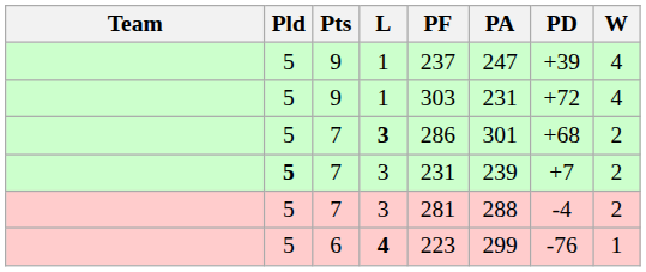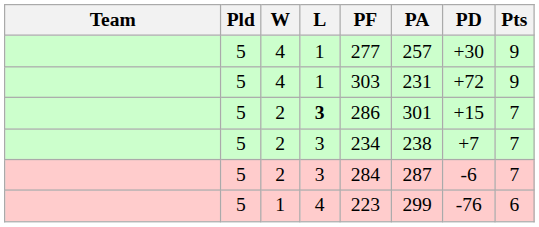 <table class="wikitable" style="text-align:center;">
 <tr>
 <th width=170>Team</th>
 <th width=25>Pld</th>
-<th width=25>Pts</th>
+<th width=25>W</th>
 <th width=25>L</th>
 <th width=35>PF</th>
 <th width=35>PA</th>
 <th width=35>PD</th>
-<th width=25>W</th>
+<th width=25>Pts</th>
 </tr>
 <tr style="background:#cfc;">
 <td align="left"></td>
 <td>5</td>
+<td>4</td>
+<td>1</td>
+<td>277</td>
+<td>257</td>
+<td>+30</td>
 <td>9</td>
-<td>1</td>
-<td>237</td>
-<td>247</td>
-<td>+39</td>
-<td>4</td>
 </tr>
 <tr style="background:#cfc;">
 <td align="left"></td>
 <td>5</td>
-<td>9</td>
+<td>4</td>
 <td>1</td>
 <td>303</td>
 <td>231</td>
 <td>+72</td>
-<td>4</td>
+<td>9</td>
 </tr>
 <tr style="background:#cfc;">
 <td align="left"></td>
 <td>5</td>
-<td>7</td>
+<td>2</td>
 <td><strong>3</strong></td>
 <td>286</td>
 <td>301</td>
-<td>+68</td>
-<td>2</td>
+<td>+15</td>
+<td>7</td>
 </tr>
 <tr style="background:#cfc;">
 <td align="left"></td>
-<td><strong>5</strong></td>
+<td>5</td>
+<td>2</td>
+<td>3</td>
+<td>234</td>
+<td>238</td>
+<td>+7</td>
 <td>7</td>
-<td>3</td>
-<td>231</td>
-<td>239</td>
-<td>+7</td>
-<td>2</td>
 </tr>
 <tr style="background:#fcc;">
 <td align="left"></td>
 <td>5</td>
+<td>2</td>
+<td>3</td>
+<td>284</td>
+<td>287</td>
+<td>-6</td>
 <td>7</td>
-<td>3</td>
-<td>281</td>
-<td>288</td>
-<td>-4</td>
-<td>2</td>
 </tr>
 <tr style="background:#fcc;">
 <td align="left"></td>
 <td>5</td>
-<td>6</td>
-<td><strong>4</strong></td>
+<td>1</td>
+<td>4</td>
 <td>223</td>
 <td>299</td>
 <td>-76</td>
-<td>1</td>
+<td>6</td>
 </tr>
 </table>
